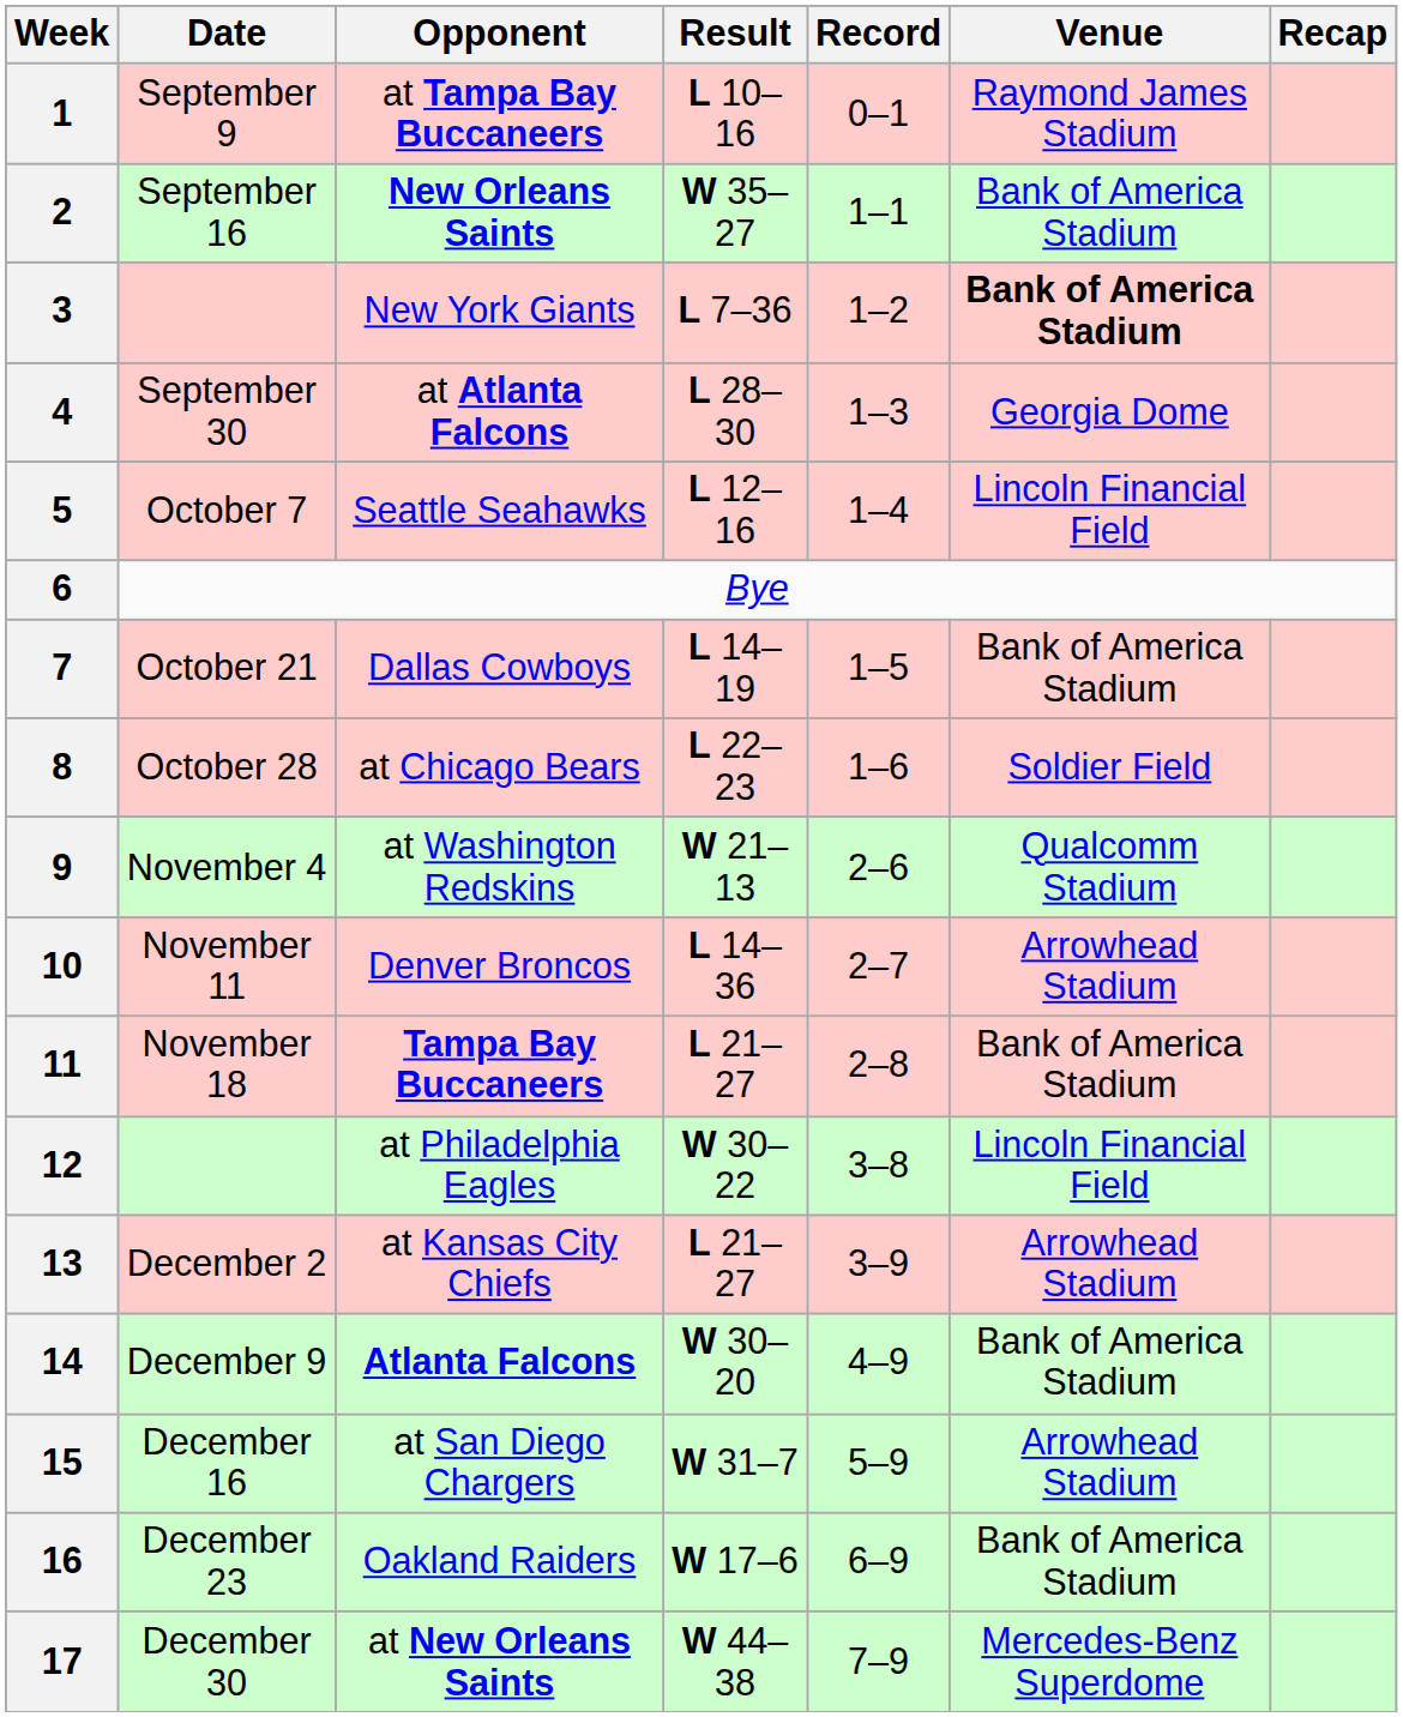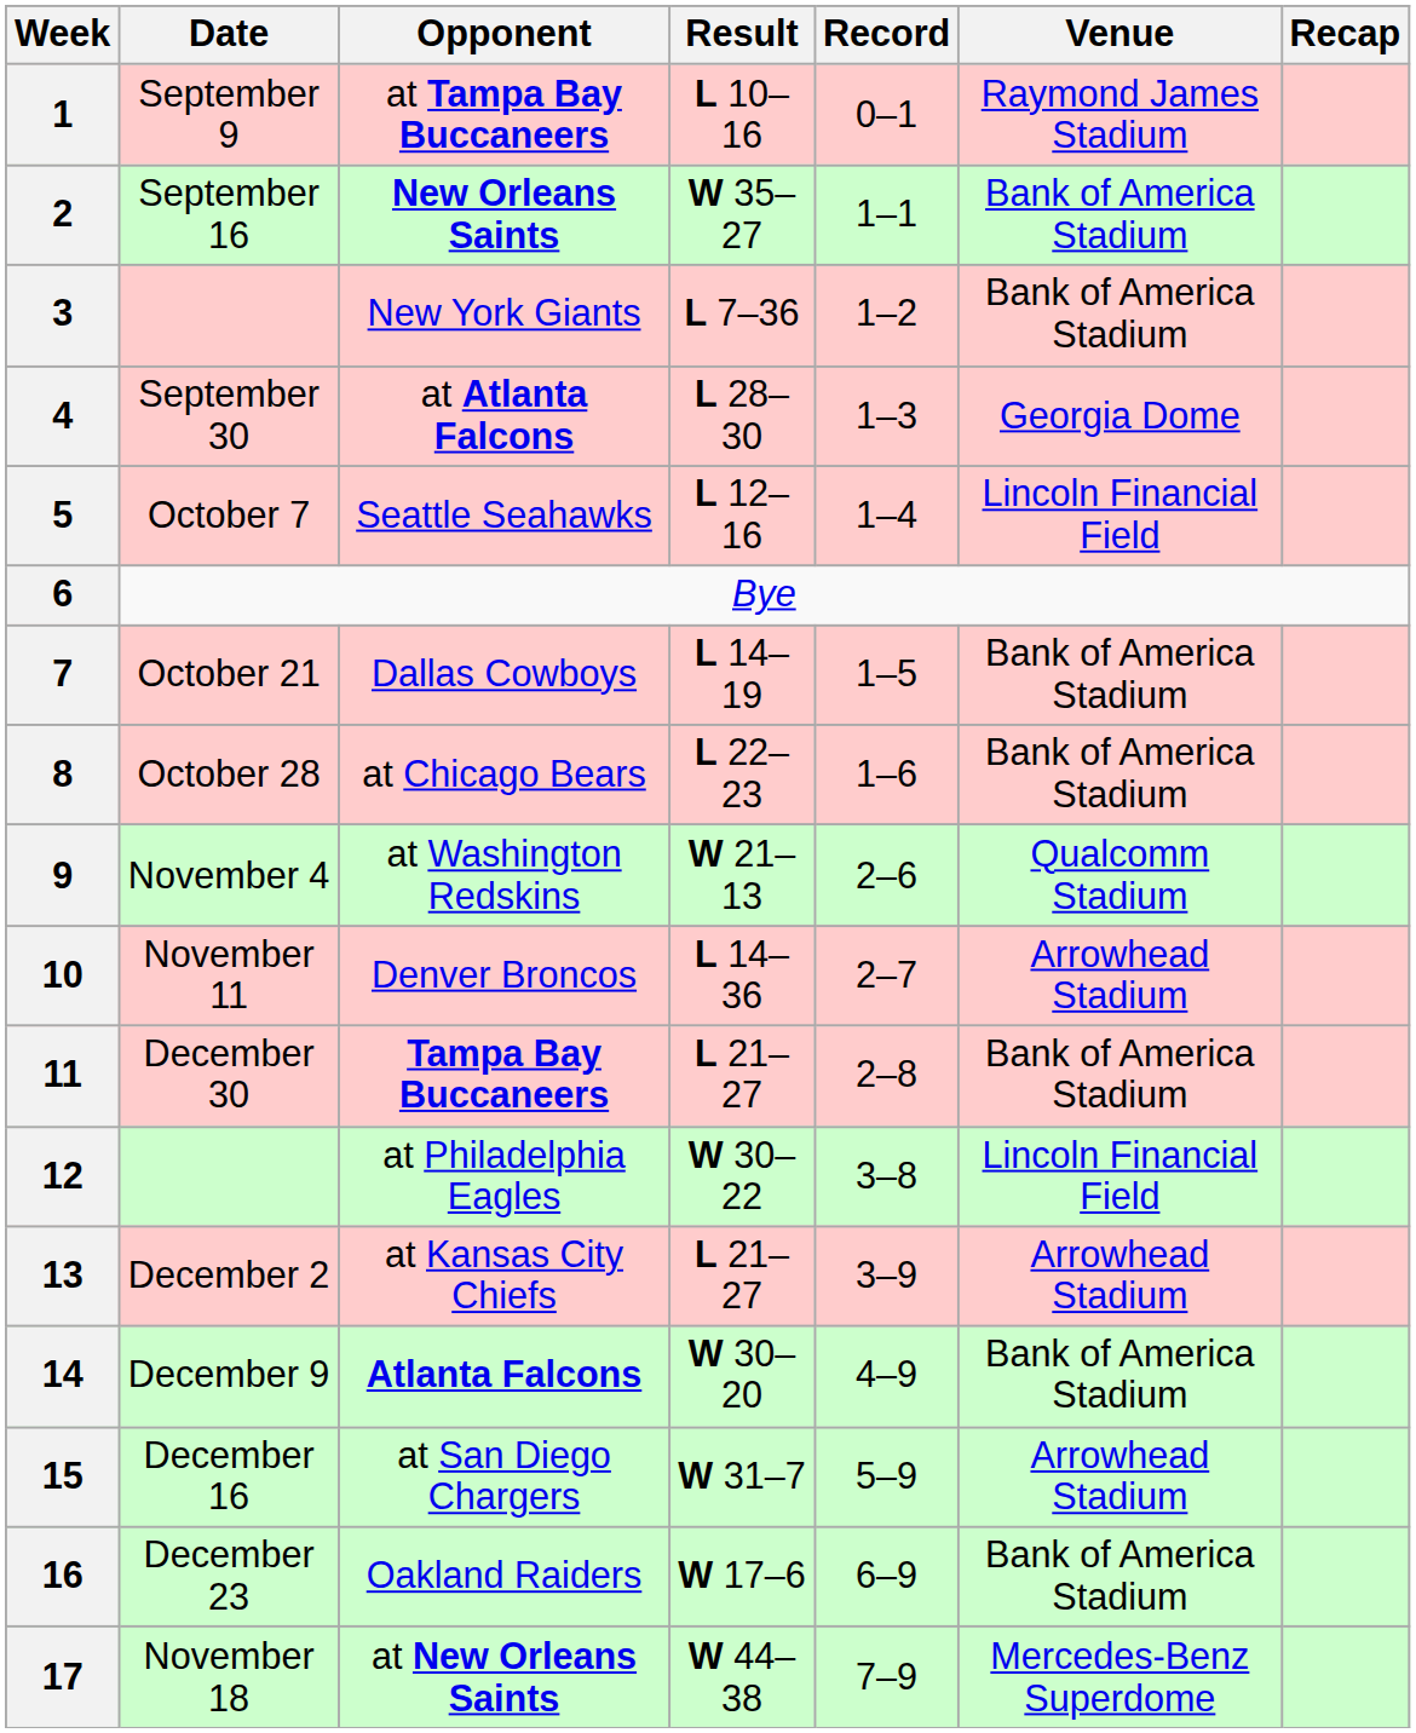 <table class="wikitable" style="text-align:center">
 <tr>
 <th>Week</th>
 <th>Date</th>
 <th>Opponent</th>
 <th>Result</th>
 <th>Record</th>
 <th>Venue</th>
 <th>Recap</th>
 </tr>
 <tr style="background:#fcc">
 <th>1</th>
 <td>September 9</td>
 <td>at <strong><a href='#'>Tampa Bay Buccaneers</a></strong></td>
 <td><strong>L</strong> 10–16</td>
 <td>0–1</td>
 <td><a href='#'>Raymond James Stadium</a></td>
 <td></td>
 </tr>
 <tr style="background:#cfc">
 <th>2</th>
 <td>September 16</td>
 <td><strong><a href='#'>New Orleans Saints</a></strong></td>
 <td><strong>W</strong> 35–27</td>
 <td>1–1</td>
 <td><a href='#'>Bank of America Stadium</a></td>
 <td></td>
 </tr>
 <tr style="background:#fcc">
 <th>3</th>
 <td></td>
 <td><a href='#'>New York Giants</a></td>
 <td><strong>L</strong> 7–36</td>
 <td>1–2</td>
-<td><strong>Bank of America Stadium</strong></td>
+<td>Bank of America Stadium</td>
 <td></td>
 </tr>
 <tr style="background:#fcc">
 <th>4</th>
 <td>September 30</td>
 <td>at <strong><a href='#'>Atlanta Falcons</a></strong></td>
 <td><strong>L</strong> 28–30</td>
 <td>1–3</td>
 <td><a href='#'>Georgia Dome</a></td>
 <td></td>
 </tr>
 <tr style="background:#fcc">
 <th>5</th>
 <td>October 7</td>
 <td><a href='#'>Seattle Seahawks</a></td>
 <td><strong>L</strong> 12–16</td>
 <td>1–4</td>
 <td><a href='#'>Lincoln Financial Field</a></td>
 <td></td>
 </tr>
 <tr>
 <th>6</th>
 <td colspan="6"><em><a href='#'>Bye</a></em></td>
 </tr>
 <tr style="background:#fcc">
 <th>7</th>
 <td>October 21</td>
 <td><a href='#'>Dallas Cowboys</a></td>
 <td><strong>L</strong> 14–19</td>
 <td>1–5</td>
 <td>Bank of America Stadium</td>
 <td></td>
 </tr>
 <tr style="background:#fcc">
 <th>8</th>
 <td>October 28</td>
 <td>at <a href='#'>Chicago Bears</a></td>
 <td><strong>L</strong> 22–23</td>
 <td>1–6</td>
-<td><a href='#'>Soldier Field</a></td>
+<td>Bank of America Stadium</td>
 <td></td>
 </tr>
 <tr style="background:#cfc">
 <th>9</th>
 <td>November 4</td>
 <td>at <a href='#'>Washington Redskins</a></td>
 <td><strong>W</strong> 21–13</td>
 <td>2–6</td>
 <td><a href='#'>Qualcomm Stadium</a></td>
 <td></td>
 </tr>
 <tr style="background:#fcc">
 <th>10</th>
 <td>November 11</td>
 <td><a href='#'>Denver Broncos</a></td>
 <td><strong>L</strong> 14–36</td>
 <td>2–7</td>
 <td><a href='#'>Arrowhead Stadium</a></td>
 <td></td>
 </tr>
 <tr style="background:#fcc">
 <th>11</th>
-<td>November 18</td>
+<td>December 30</td>
 <td><strong><a href='#'>Tampa Bay Buccaneers</a></strong></td>
 <td><strong>L</strong> 21–27 </td>
 <td>2–8</td>
 <td>Bank of America Stadium</td>
 <td></td>
 </tr>
 <tr style="background:#cfc">
 <th>12</th>
 <td></td>
 <td>at <a href='#'>Philadelphia Eagles</a></td>
 <td><strong>W</strong> 30–22</td>
 <td>3–8</td>
 <td><a href='#'>Lincoln Financial Field</a></td>
 <td></td>
 </tr>
 <tr style="background:#fcc">
 <th>13</th>
 <td>December 2</td>
 <td>at <a href='#'>Kansas City Chiefs</a></td>
 <td><strong>L</strong> 21–27</td>
 <td>3–9</td>
 <td><a href='#'>Arrowhead Stadium</a></td>
 <td></td>
 </tr>
 <tr style="background:#cfc">
 <th>14</th>
 <td>December 9</td>
 <td><strong><a href='#'>Atlanta Falcons</a></strong></td>
 <td><strong>W</strong> 30–20</td>
 <td>4–9</td>
 <td>Bank of America Stadium</td>
 <td></td>
 </tr>
 <tr style="background:#cfc">
 <th>15</th>
 <td>December 16</td>
 <td>at <a href='#'>San Diego Chargers</a></td>
 <td><strong>W</strong> 31–7</td>
 <td>5–9</td>
 <td><a href='#'>Arrowhead Stadium</a></td>
 <td></td>
 </tr>
 <tr style="background:#cfc">
 <th>16</th>
 <td>December 23</td>
 <td><a href='#'>Oakland Raiders</a></td>
 <td><strong>W</strong> 17–6</td>
 <td>6–9</td>
 <td>Bank of America Stadium</td>
 <td></td>
 </tr>
 <tr style="background:#cfc">
 <th>17</th>
-<td>December 30</td>
+<td>November 18</td>
 <td>at <strong><a href='#'>New Orleans Saints</a></strong></td>
 <td><strong>W</strong> 44–38</td>
 <td>7–9</td>
 <td><a href='#'>Mercedes-Benz Superdome</a></td>
 <td></td>
 </tr>
 </table>
